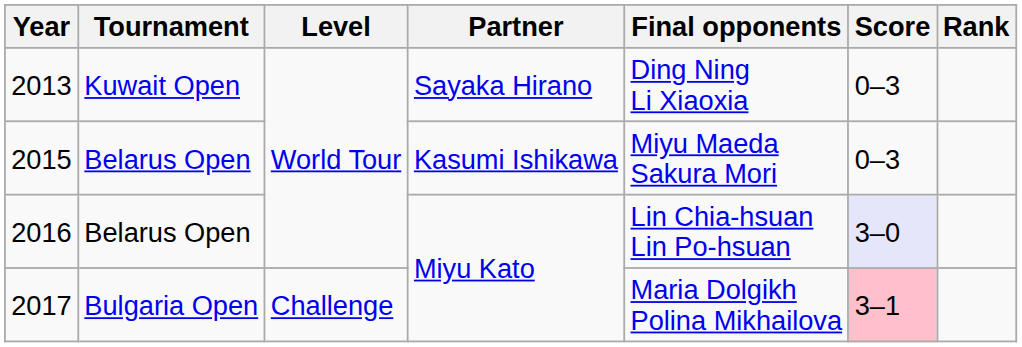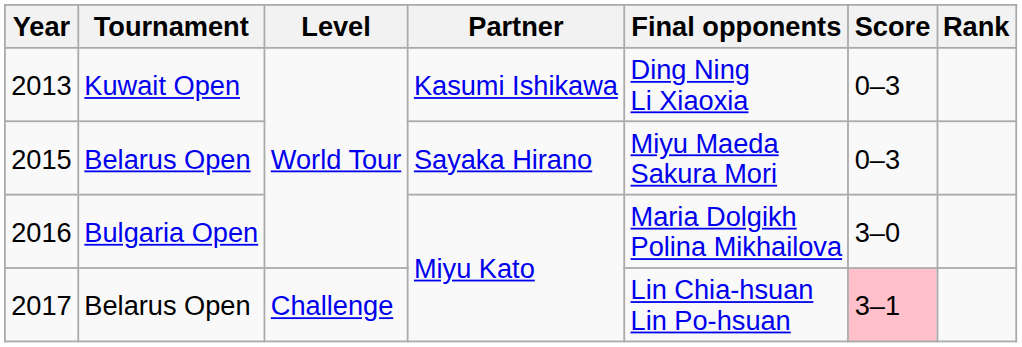 <table class="sortable wikitable" style="font-size: 95%;">
 <tr>
 <th>Year</th>
 <th>Tournament</th>
 <th>Level</th>
 <th>Partner</th>
 <th>Final opponents</th>
 <th>Score</th>
 <th>Rank</th>
 </tr>
 <tr>
 <td>2013</td>
 <td><a href='#'>Kuwait Open</a></td>
 <td rowspan=3><a href='#'>World Tour</a></td>
-<td><a href='#'>Sayaka Hirano</a></td>
+<td><a href='#'>Kasumi Ishikawa</a></td>
 <td><a href='#'>Ding Ning</a><br><a href='#'>Li Xiaoxia</a></td>
 <td>0–3</td>
 <td></td>
 </tr>
 <tr>
 <td>2015</td>
 <td><a href='#'>Belarus Open</a></td>
-<td><a href='#'>Kasumi Ishikawa</a></td>
+<td><a href='#'>Sayaka Hirano</a></td>
 <td><a href='#'>Miyu Maeda</a><br><a href='#'>Sakura Mori</a></td>
 <td>0–3</td>
 <td></td>
 </tr>
 <tr>
 <td>2016</td>
-<td>Belarus Open</td>
+<td><a href='#'>Bulgaria Open</a></td>
 <td rowspan=2><a href='#'>Miyu Kato</a></td>
-<td><a href='#'>Lin Chia-hsuan</a><br><a href='#'>Lin Po-hsuan</a></td>
-<td style="background: lavender;">3–0</td>
+<td><a href='#'>Maria Dolgikh</a><br><a href='#'>Polina Mikhailova</a></td>
+<td>3–0</td>
 <td></td>
 </tr>
 <tr>
 <td>2017</td>
-<td><a href='#'>Bulgaria Open</a></td>
+<td>Belarus Open</td>
 <td><a href='#'>Challenge</a></td>
-<td><a href='#'>Maria Dolgikh</a><br><a href='#'>Polina Mikhailova</a></td>
+<td><a href='#'>Lin Chia-hsuan</a><br><a href='#'>Lin Po-hsuan</a></td>
 <td style="background: pink;">3–1</td>
 <td></td>
 </tr>
 </table>
